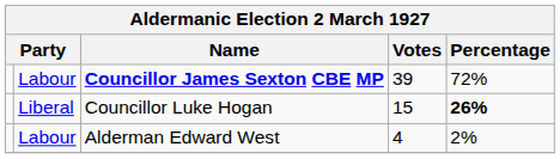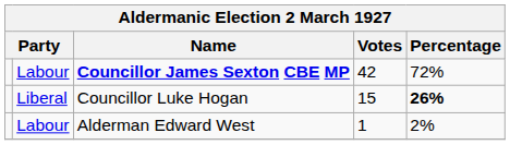 <table class="wikitable">
 <tr>
 <th colspan="5"><strong>Aldermanic Election 2 March 1927</strong></th>
 </tr>
 <tr>
 <th colspan="2">Party</th>
 <th>Name</th>
 <th>Votes</th>
 <th>Percentage</th>
 </tr>
 <tr>
 <td style="background-color:"></td>
 <td><a href='#'>Labour</a></td>
 <td><strong><a href='#'>Councillor James Sexton</a> <a href='#'>CBE</a> <a href='#'>MP</a></strong></td>
-<td>39</td>
+<td>42</td>
 <td>72%</td>
 </tr>
 <tr>
 <td style="background-color:"></td>
 <td><a href='#'>Liberal</a></td>
 <td>Councillor Luke Hogan</td>
 <td>15</td>
 <td><strong>26%</strong></td>
 </tr>
 <tr>
 <td style="background-color:"></td>
 <td><a href='#'>Labour</a></td>
 <td>Alderman Edward West</td>
-<td>4</td>
+<td>1</td>
 <td>2%</td>
 </tr>
 <tr>
 </tr>
 </table>
